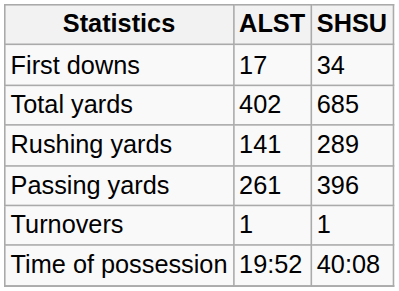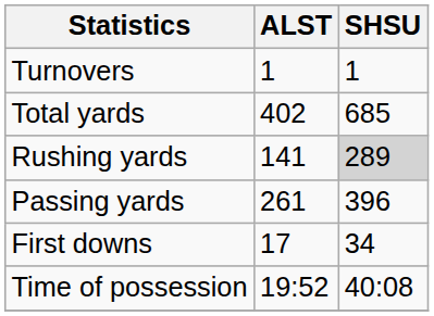 <table class="wikitable">
 <tr>
 <th>Statistics</th>
 <th>ALST</th>
 <th>SHSU</th>
 </tr>
 <tr>
-<td>First downs</td>
-<td>17</td>
-<td>34</td>
+<td>Turnovers</td>
+<td>1</td>
+<td>1</td>
 </tr>
 <tr>
 <td>Total yards</td>
 <td>402</td>
 <td>685</td>
 </tr>
 <tr>
 <td>Rushing yards</td>
 <td>141</td>
-<td>289</td>
+<td style="background: lightgrey;">289</td>
 </tr>
 <tr>
 <td>Passing yards</td>
 <td>261</td>
 <td>396</td>
 </tr>
 <tr>
-<td>Turnovers</td>
-<td>1</td>
-<td>1</td>
+<td>First downs</td>
+<td>17</td>
+<td>34</td>
 </tr>
 <tr>
 <td>Time of possession</td>
 <td>19:52</td>
 <td>40:08</td>
 </tr>
 <tr>
 </tr>
 </table>
